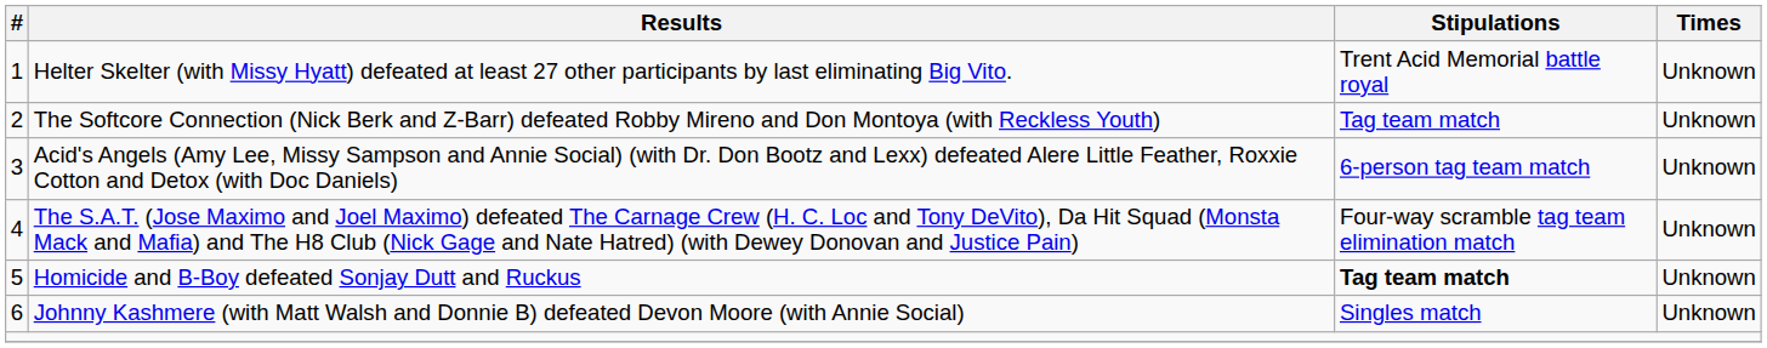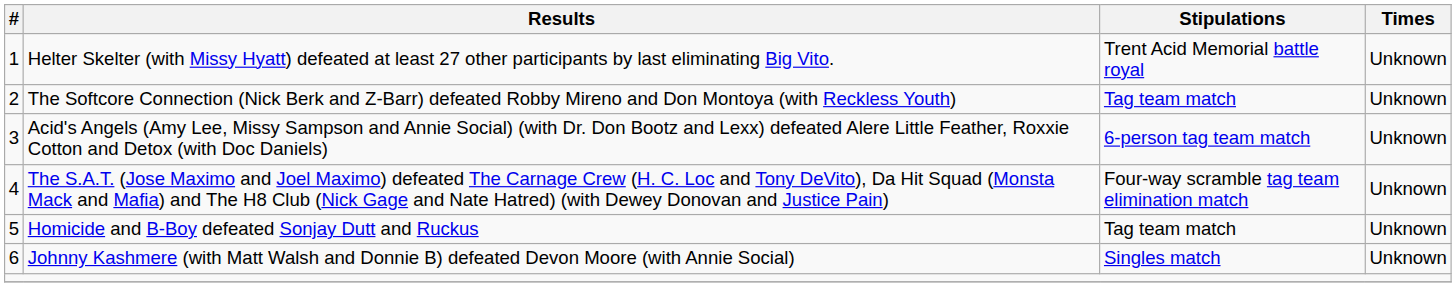 <table style="font-size: 100%" class="wikitable">
 <tr>
 <th><strong>#</strong></th>
 <th><strong>Results</strong></th>
 <th><strong>Stipulations</strong></th>
 <th><strong>Times</strong></th>
 </tr>
 <tr>
 <td>1</td>
 <td>Helter Skelter (with <a href='#'>Missy Hyatt</a>) defeated at least 27 other participants by last eliminating <a href='#'>Big Vito</a>.</td>
 <td>Trent Acid Memorial <a href='#'>battle royal</a></td>
 <td>Unknown</td>
 </tr>
 <tr>
 <td>2</td>
 <td>The Softcore Connection (Nick Berk and Z-Barr) defeated Robby Mireno and Don Montoya (with <a href='#'>Reckless Youth</a>)</td>
 <td><a href='#'>Tag team match</a></td>
 <td>Unknown</td>
 </tr>
 <tr>
 <td>3</td>
 <td>Acid's Angels (Amy Lee, Missy Sampson and Annie Social) (with Dr. Don Bootz and Lexx) defeated Alere Little Feather, Roxxie Cotton and Detox (with Doc Daniels)</td>
 <td><a href='#'>6-person tag team match</a></td>
 <td>Unknown</td>
 </tr>
 <tr>
 <td>4</td>
 <td><a href='#'>The S.A.T.</a> (<a href='#'>Jose Maximo</a> and <a href='#'>Joel Maximo</a>) defeated <a href='#'>The Carnage Crew</a> (<a href='#'>H. C. Loc</a> and <a href='#'>Tony DeVito</a>), Da Hit Squad (<a href='#'>Monsta Mack</a> and <a href='#'>Mafia</a>) and The H8 Club (<a href='#'>Nick Gage</a> and Nate Hatred) (with Dewey Donovan and <a href='#'>Justice Pain</a>)</td>
 <td>Four-way scramble <a href='#'>tag team elimination match</a></td>
 <td>Unknown</td>
 </tr>
 <tr>
 <td>5</td>
 <td><a href='#'>Homicide</a> and <a href='#'>B-Boy</a> defeated <a href='#'>Sonjay Dutt</a> and <a href='#'>Ruckus</a></td>
-<td><strong>Tag team match</strong></td>
+<td>Tag team match</td>
 <td>Unknown</td>
 </tr>
 <tr>
 <td>6</td>
 <td><a href='#'>Johnny Kashmere</a> (with Matt Walsh and Donnie B) defeated Devon Moore (with Annie Social)</td>
 <td><a href='#'>Singles match</a></td>
 <td>Unknown</td>
 </tr>
 <tr>
 <td colspan="4"></td>
 </tr>
 <tr>
 </tr>
 </table>
